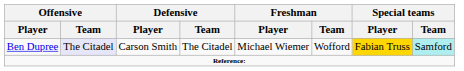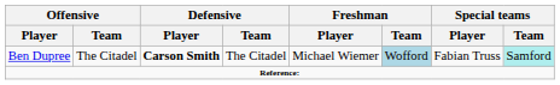 <table class="wikitable" border="1">
 <tr>
 <th colspan="2">Offensive</th>
 <th colspan="2">Defensive</th>
 <th colspan="2">Freshman</th>
 <th colspan="2">Special teams</th>
 </tr>
 <tr>
 <th>Player</th>
 <th>Team</th>
 <th>Player</th>
 <th>Team</th>
 <th>Player</th>
 <th>Team</th>
 <th>Player</th>
 <th>Team</th>
 </tr>
 <tr>
 <td><a href='#'>Ben Dupree</a></td>
-<td style="background: lavender;">The Citadel</td>
-<td>Carson Smith</td>
+<td>The Citadel</td>
+<td><strong>Carson Smith</strong></td>
 <td>The Citadel</td>
 <td>Michael Wiemer</td>
-<td>Wofford</td>
-<td style="background: gold;">Fabian Truss</td>
+<td style="background: lightblue;">Wofford</td>
+<td>Fabian Truss</td>
 <td style="background: paleturquoise;">Samford</td>
 </tr>
 <tr>
 <td colspan="8" style="font-size: 8pt" align="center"><strong>Reference:</strong></td>
 </tr>
 </table>
